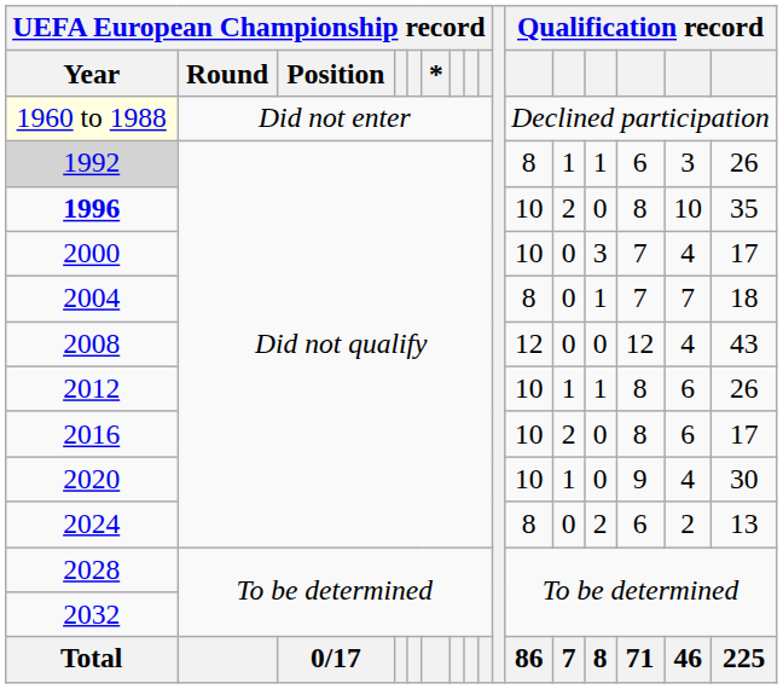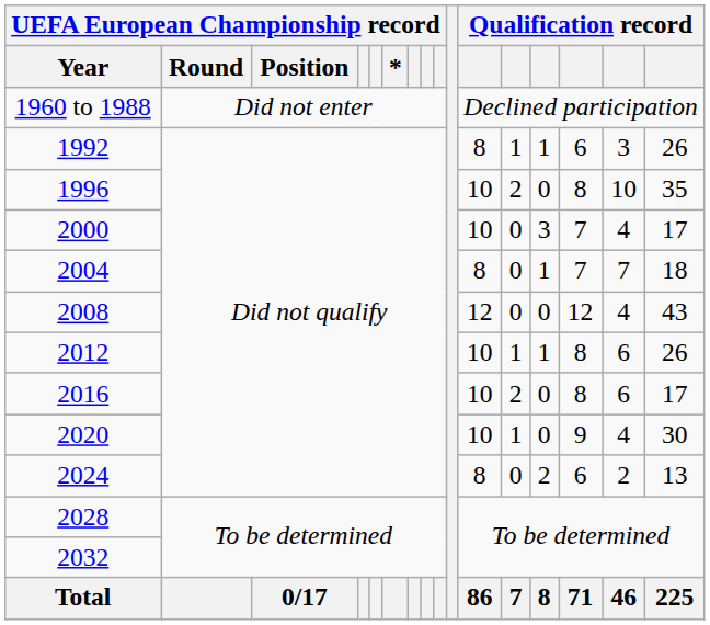 <table class="wikitable" style="text-align: center">
 <tr>
 <th colspan=9><a href='#'>UEFA European Championship</a> record</th>
 <th rowspan=39></th>
 <th colspan=7><a href='#'>Qualification</a> record</th>
 </tr>
 <tr>
 <th>Year</th>
 <th>Round</th>
 <th>Position</th>
 <th></th>
 <th></th>
 <th>*</th>
 <th></th>
 <th></th>
 <th></th>
 <th></th>
 <th></th>
 <th></th>
 <th></th>
 <th></th>
 <th></th>
 </tr>
 <tr>
-<td style="background: lightyellow;"> <a href='#'>1960</a> to  <a href='#'>1988</a></td>
+<td> <a href='#'>1960</a> to  <a href='#'>1988</a></td>
 <td colspan=8><em>Did not enter</em></td>
 <td colspan=6><em>Declined participation</em></td>
 </tr>
 <tr>
-<td style="background: lightgrey;"> <a href='#'>1992</a></td>
+<td> <a href='#'>1992</a></td>
 <td colspan=9 rowspan=9><em>Did not qualify</em></td>
 <td>8</td>
 <td>1</td>
 <td>1</td>
 <td>6</td>
 <td>3</td>
 <td>26</td>
 </tr>
 <tr>
-<td><strong> <a href='#'>1996</a></strong></td>
+<td> <a href='#'>1996</a></td>
 <td>10</td>
 <td>2</td>
 <td>0</td>
 <td>8</td>
 <td>10</td>
 <td>35</td>
 </tr>
 <tr>
 <td>  <a href='#'>2000</a></td>
 <td>10</td>
 <td>0</td>
 <td>3</td>
 <td>7</td>
 <td>4</td>
 <td>17</td>
 </tr>
 <tr>
 <td> <a href='#'>2004</a></td>
 <td>8</td>
 <td>0</td>
 <td>1</td>
 <td>7</td>
 <td>7</td>
 <td>18</td>
 </tr>
 <tr>
 <td>  <a href='#'>2008</a></td>
 <td>12</td>
 <td>0</td>
 <td>0</td>
 <td>12</td>
 <td>4</td>
 <td>43</td>
 </tr>
 <tr>
 <td>  <a href='#'>2012</a></td>
 <td>10</td>
 <td>1</td>
 <td>1</td>
 <td>8</td>
 <td>6</td>
 <td>26</td>
 </tr>
 <tr>
 <td> <a href='#'>2016</a></td>
 <td>10</td>
 <td>2</td>
 <td>0</td>
 <td>8</td>
 <td>6</td>
 <td>17</td>
 </tr>
 <tr>
 <td> <a href='#'>2020</a></td>
 <td>10</td>
 <td>1</td>
 <td>0</td>
 <td>9</td>
 <td>4</td>
 <td>30</td>
 </tr>
 <tr>
 <td> <a href='#'>2024</a></td>
 <td>8</td>
 <td>0</td>
 <td>2</td>
 <td>6</td>
 <td>2</td>
 <td>13</td>
 </tr>
 <tr>
 <td>  <a href='#'>2028</a></td>
 <td colspan=8 rowspan=2><em>To be determined</em></td>
 <td colspan=6 rowspan=2><em>To be determined</em></td>
 </tr>
 <tr>
 <td>  <a href='#'>2032</a></td>
 </tr>
 <tr>
 <th>Total</th>
 <th></th>
 <th>0/17</th>
 <th></th>
 <th></th>
 <th></th>
 <th></th>
 <th></th>
 <th></th>
 <th>86</th>
 <th>7</th>
 <th>8</th>
 <th>71</th>
 <th>46</th>
 <th>225</th>
 </tr>
 </table>
